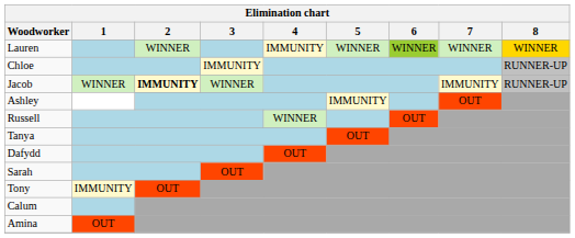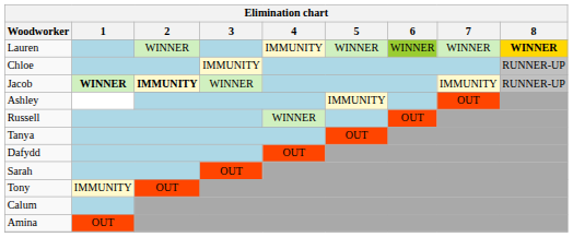 <table class="wikitable" style="text-align:center">
 <tr>
 <th ! colspan="10">Elimination chart</th>
 </tr>
 <tr>
 <th>Woodworker</th>
 <th>1</th>
 <th>2</th>
 <th>3</th>
 <th>4</th>
 <th>5</th>
 <th>6</th>
 <th>7</th>
 <th>8</th>
 </tr>
 <tr>
 <td align="left">Lauren</td>
 <td style="background:Lightblue;"></td>
 <td style="background:#d0f0c0;">WINNER</td>
 <td style="background:Lightblue;"></td>
 <td style="background:lemonchiffon;">IMMUNITY</td>
 <td style="background:#d0f0c0;">WINNER</td>
 <td style="background:#9ACD32;">WINNER</td>
 <td style="background:#d0f0c0;">WINNER</td>
-<td style="background:gold;">WINNER</td>
+<td style="background:gold;"><strong>WINNER</strong></td>
 </tr>
 <tr>
 <td align="left">Chloe</td>
 <td colspan="2" style="background:Lightblue;"></td>
 <td style="background:lemonchiffon;">IMMUNITY</td>
 <td colspan="4" style="background:Lightblue;"></td>
 <td style="background:silver;">RUNNER-UP</td>
 </tr>
 <tr>
 <td align="left">Jacob</td>
-<td style="background:#d0f0c0;">WINNER</td>
+<td style="background:#d0f0c0;"><strong>WINNER</strong></td>
 <td style="background:lemonchiffon;"><strong>IMMUNITY</strong></td>
 <td style="background:#d0f0c0;">WINNER</td>
 <td colspan="3" style="background:Lightblue;"></td>
 <td style="background:lemonchiffon;">IMMUNITY</td>
 <td style="background:silver;">RUNNER-UP</td>
 </tr>
 <tr>
 <td align="left">Ashley</td>
 <td style="background:white;"></td>
 <td colspan="3" style="background:Lightblue;"></td>
 <td style="background:lemonchiffon;">IMMUNITY</td>
 <td style="background:lightblue;"></td>
 <td style="background:orangered;">OUT</td>
 <td style="background:darkgrey;"></td>
 </tr>
 <tr>
 <td align="left">Russell</td>
 <td colspan="3" style="background:Lightblue;"></td>
 <td style="background:#d0f0c0;">WINNER</td>
 <td style="background:Lightblue;"></td>
 <td style="background:orangered;">OUT</td>
 <td colspan="2" style="background:darkgrey;"></td>
 </tr>
 <tr>
 <td align="left">Tanya</td>
 <td colspan="4" style="background:Lightblue;"></td>
 <td style="background:orangered;">OUT</td>
 <td colspan="3" style="background:darkgrey;"></td>
 </tr>
 <tr>
 <td align="left">Dafydd</td>
 <td colspan="3" style="background:Lightblue;"></td>
 <td style="background:orangered;">OUT</td>
 <td colspan="4" style="background:darkgrey;"></td>
 </tr>
 <tr>
 <td align="left">Sarah</td>
 <td colspan="2" style="background:Lightblue;"></td>
 <td style="background:orangered;">OUT</td>
 <td colspan="5" style="background:darkgrey;"></td>
 </tr>
 <tr>
 <td align="left">Tony</td>
 <td style="background:LemonChiffon;">IMMUNITY</td>
 <td style="background:orangered;">OUT</td>
 <td colspan="6" style="background:darkgrey;"></td>
 </tr>
 <tr>
 <td align="left">Calum</td>
 <td style="background:Lightblue;"></td>
 <td colspan="7" style="background:darkgrey;"></td>
 </tr>
 <tr>
 <td align="left">Amina</td>
 <td style="background:orangered;">OUT</td>
 <td colspan="7" style="background:darkgrey;"></td>
 </tr>
 <tr>
 </tr>
 </table>
